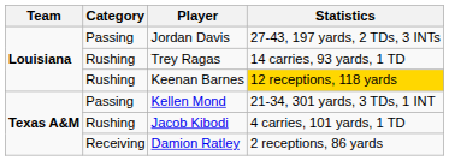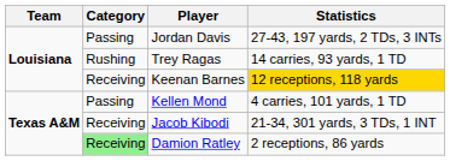 <table class="wikitable" style="float: left;">
 <tr>
 <th>Team</th>
 <th>Category</th>
 <th>Player</th>
 <th>Statistics</th>
 </tr>
 <tr>
 <td rowspan=3><strong>Louisiana</strong></td>
 <td>Passing</td>
 <td>Jordan Davis</td>
 <td>27-43, 197 yards, 2 TDs, 3 INTs</td>
 </tr>
 <tr>
 <td>Rushing</td>
 <td>Trey Ragas</td>
 <td>14 carries, 93 yards, 1 TD</td>
 </tr>
 <tr>
-<td>Rushing</td>
+<td>Receiving</td>
 <td>Keenan Barnes</td>
 <td style="background: gold;">12 receptions, 118 yards</td>
 </tr>
 <tr>
 <td rowspan=3><strong>Texas A&M</strong></td>
 <td>Passing</td>
 <td><a href='#'>Kellen Mond</a></td>
-<td>21-34, 301 yards, 3 TDs, 1 INT</td>
-</tr>
-<tr>
-<td>Rushing</td>
-<td><a href='#'>Jacob Kibodi</a></td>
 <td>4 carries, 101 yards, 1 TD</td>
 </tr>
 <tr>
 <td>Receiving</td>
+<td><a href='#'>Jacob Kibodi</a></td>
+<td>21-34, 301 yards, 3 TDs, 1 INT</td>
+</tr>
+<tr>
+<td style="background: lightgreen;">Receiving</td>
 <td><a href='#'>Damion Ratley</a></td>
 <td>2 receptions, 86 yards</td>
 </tr>
 </table>
